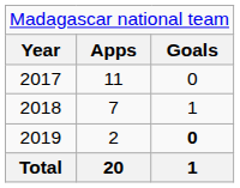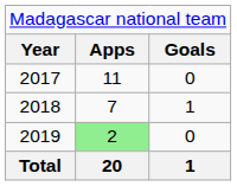 <table class="wikitable" style="text-align:center">
 <tr>
 <td colspan="3"><a href='#'>Madagascar national team</a></td>
 </tr>
 <tr>
 <th>Year</th>
 <th>Apps</th>
 <th>Goals</th>
 </tr>
 <tr>
 <td>2017</td>
 <td>11</td>
 <td>0</td>
 </tr>
 <tr>
 <td>2018</td>
 <td>7</td>
 <td>1</td>
 </tr>
 <tr>
 <td>2019</td>
-<td>2</td>
-<td><strong>0</strong></td>
+<td style="background: lightgreen;">2</td>
+<td>0</td>
 </tr>
 <tr>
 <th>Total</th>
 <th>20</th>
 <th>1</th>
 </tr>
 </table>
